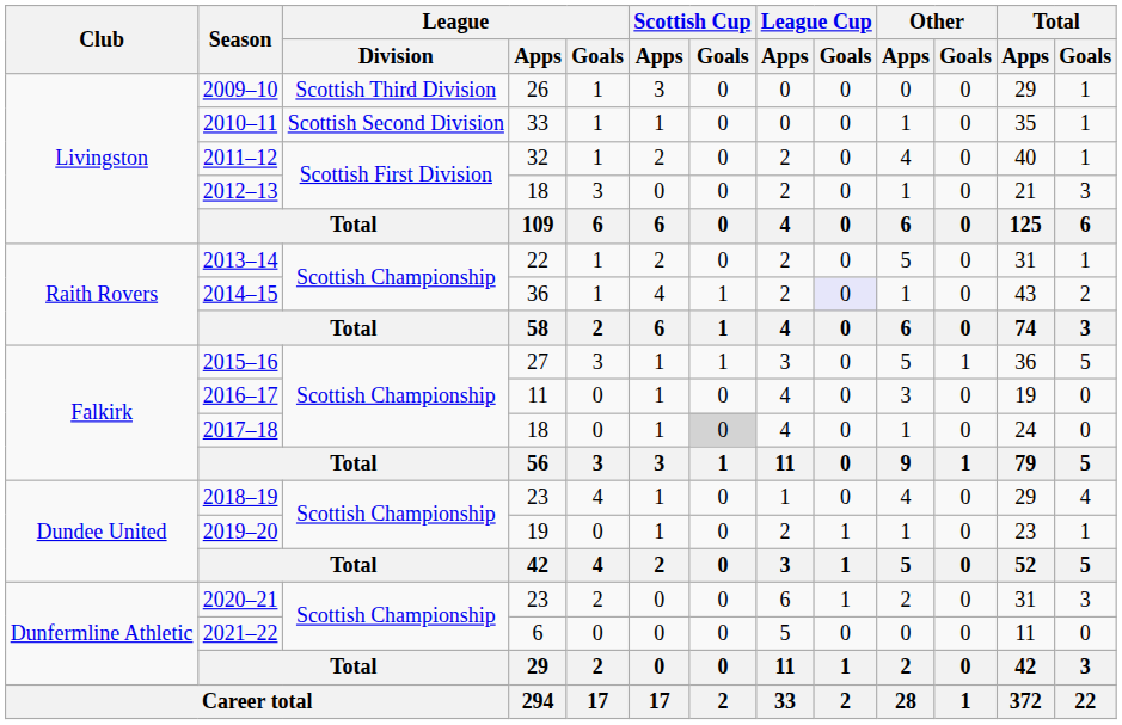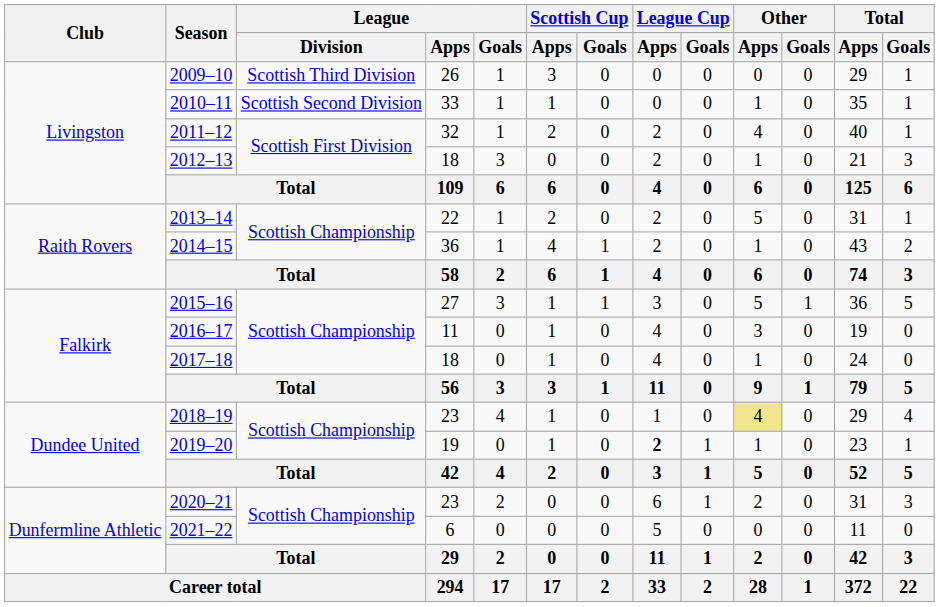 <table class="wikitable" style="text-align:center">
 <tr>
 <th rowspan="2">Club</th>
 <th rowspan="2">Season</th>
 <th colspan="3">League</th>
 <th colspan="2"><a href='#'>Scottish Cup</a></th>
 <th colspan="2"><a href='#'>League Cup</a></th>
 <th colspan="2">Other</th>
 <th colspan="2">Total</th>
 </tr>
 <tr>
 <th>Division</th>
 <th>Apps</th>
 <th>Goals</th>
 <th>Apps</th>
 <th>Goals</th>
 <th>Apps</th>
 <th>Goals</th>
 <th>Apps</th>
 <th>Goals</th>
 <th>Apps</th>
 <th>Goals</th>
 </tr>
 <tr>
 <td rowspan="5"><a href='#'>Livingston</a></td>
 <td><a href='#'>2009–10</a></td>
 <td><a href='#'>Scottish Third Division</a></td>
 <td>26</td>
 <td>1</td>
 <td>3</td>
 <td>0</td>
 <td>0</td>
 <td>0</td>
 <td>0</td>
 <td>0</td>
 <td>29</td>
 <td>1</td>
 </tr>
 <tr>
 <td><a href='#'>2010–11</a></td>
 <td><a href='#'>Scottish Second Division</a></td>
 <td>33</td>
 <td>1</td>
 <td>1</td>
 <td>0</td>
 <td>0</td>
 <td>0</td>
 <td>1</td>
 <td>0</td>
 <td>35</td>
 <td>1</td>
 </tr>
 <tr>
 <td><a href='#'>2011–12</a></td>
 <td rowspan="2"><a href='#'>Scottish First Division</a></td>
 <td>32</td>
 <td>1</td>
 <td>2</td>
 <td>0</td>
 <td>2</td>
 <td>0</td>
 <td>4</td>
 <td>0</td>
 <td>40</td>
 <td>1</td>
 </tr>
 <tr>
 <td><a href='#'>2012–13</a></td>
 <td>18</td>
 <td>3</td>
 <td>0</td>
 <td>0</td>
 <td>2</td>
 <td>0</td>
 <td>1</td>
 <td>0</td>
 <td>21</td>
 <td>3</td>
 </tr>
 <tr>
 <th colspan="2">Total</th>
 <th>109</th>
 <th>6</th>
 <th>6</th>
 <th>0</th>
 <th>4</th>
 <th>0</th>
 <th>6</th>
 <th>0</th>
 <th>125</th>
 <th>6</th>
 </tr>
 <tr>
 <td rowspan="3"><a href='#'>Raith Rovers</a></td>
 <td><a href='#'>2013–14</a></td>
 <td rowspan="2"><a href='#'>Scottish Championship</a></td>
 <td>22</td>
 <td>1</td>
 <td>2</td>
 <td>0</td>
 <td>2</td>
 <td>0</td>
 <td>5</td>
 <td>0</td>
 <td>31</td>
 <td>1</td>
 </tr>
 <tr>
 <td><a href='#'>2014–15</a></td>
 <td>36</td>
 <td>1</td>
 <td>4</td>
 <td>1</td>
 <td>2</td>
-<td style="background: lavender;">0</td>
+<td>0</td>
 <td>1</td>
 <td>0</td>
 <td>43</td>
 <td>2</td>
 </tr>
 <tr>
 <th colspan="2">Total</th>
 <th>58</th>
 <th>2</th>
 <th>6</th>
 <th>1</th>
 <th>4</th>
 <th>0</th>
 <th>6</th>
 <th>0</th>
 <th>74</th>
 <th>3</th>
 </tr>
 <tr>
 <td rowspan="4"><a href='#'>Falkirk</a></td>
 <td><a href='#'>2015–16</a></td>
 <td rowspan="3"><a href='#'>Scottish Championship</a></td>
 <td>27</td>
 <td>3</td>
 <td>1</td>
 <td>1</td>
 <td>3</td>
 <td>0</td>
 <td>5</td>
 <td>1</td>
 <td>36</td>
 <td>5</td>
 </tr>
 <tr>
 <td><a href='#'>2016–17</a></td>
 <td>11</td>
 <td>0</td>
 <td>1</td>
 <td>0</td>
 <td>4</td>
 <td>0</td>
 <td>3</td>
 <td>0</td>
 <td>19</td>
 <td>0</td>
 </tr>
 <tr>
 <td><a href='#'>2017–18</a></td>
 <td>18</td>
 <td>0</td>
 <td>1</td>
-<td style="background: lightgrey;">0</td>
+<td>0</td>
 <td>4</td>
 <td>0</td>
 <td>1</td>
 <td>0</td>
 <td>24</td>
 <td>0</td>
 </tr>
 <tr>
 <th colspan="2">Total</th>
 <th>56</th>
 <th>3</th>
 <th>3</th>
 <th>1</th>
 <th>11</th>
 <th>0</th>
 <th>9</th>
 <th>1</th>
 <th>79</th>
 <th>5</th>
 </tr>
 <tr>
 <td rowspan=3><a href='#'>Dundee United</a></td>
 <td><a href='#'>2018–19</a></td>
 <td rowspan=2><a href='#'>Scottish Championship</a></td>
 <td>23</td>
 <td>4</td>
 <td>1</td>
 <td>0</td>
 <td>1</td>
 <td>0</td>
-<td>4</td>
+<td style="background: khaki;">4</td>
 <td>0</td>
 <td>29</td>
 <td>4</td>
 </tr>
 <tr>
 <td><a href='#'>2019–20</a></td>
 <td>19</td>
 <td>0</td>
 <td>1</td>
 <td>0</td>
-<td>2</td>
+<td><strong>2</strong></td>
 <td>1</td>
 <td>1</td>
 <td>0</td>
 <td>23</td>
 <td>1</td>
 </tr>
 <tr>
 <th colspan=2>Total</th>
 <th>42</th>
 <th>4</th>
 <th>2</th>
 <th>0</th>
 <th>3</th>
 <th>1</th>
 <th>5</th>
 <th>0</th>
 <th>52</th>
 <th>5</th>
 </tr>
 <tr>
 <td rowspan="3"><a href='#'>Dunfermline Athletic</a></td>
 <td><a href='#'>2020–21</a></td>
 <td rowspan="2"><a href='#'>Scottish Championship</a></td>
 <td>23</td>
 <td>2</td>
 <td>0</td>
 <td>0</td>
 <td>6</td>
 <td>1</td>
 <td>2</td>
 <td>0</td>
 <td>31</td>
 <td>3</td>
 </tr>
 <tr>
 <td><a href='#'>2021–22</a></td>
 <td>6</td>
 <td>0</td>
 <td>0</td>
 <td>0</td>
 <td>5</td>
 <td>0</td>
 <td>0</td>
 <td>0</td>
 <td>11</td>
 <td>0</td>
 </tr>
 <tr>
 <th colspan="2">Total</th>
 <th>29</th>
 <th>2</th>
 <th>0</th>
 <th>0</th>
 <th>11</th>
 <th>1</th>
 <th>2</th>
 <th>0</th>
 <th>42</th>
 <th>3</th>
 </tr>
 <tr>
 <th colspan="3">Career total</th>
 <th>294</th>
 <th>17</th>
 <th>17</th>
 <th>2</th>
 <th>33</th>
 <th>2</th>
 <th>28</th>
 <th>1</th>
 <th>372</th>
 <th>22</th>
 </tr>
 </table>
